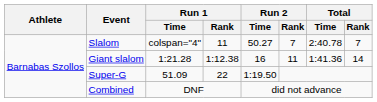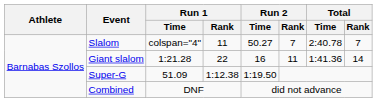 <table class="wikitable" style="font-size:90%">
 <tr>
 <th rowspan=2>Athlete</th>
 <th rowspan=2>Event</th>
 <th colspan=2>Run 1</th>
 <th colspan=2>Run 2</th>
 <th colspan=2>Total</th>
 </tr>
 <tr style="font-size:95%">
 <th>Time</th>
 <th>Rank</th>
 <th>Time</th>
 <th>Rank</th>
 <th>Time</th>
 <th>Rank</th>
 </tr>
 <tr align=center>
 <td align="left" rowspan="4"><a href='#'>Barnabas Szollos</a></td>
 <td align="left"><a href='#'>Slalom</a></td>
 <td>colspan="4" </td>
 <td>11</td>
 <td>50.27</td>
 <td>7</td>
 <td>2:40.78</td>
 <td>7</td>
 </tr>
 <tr align=center>
 <td align="left"><a href='#'>Giant slalom</a></td>
 <td>1:21.28</td>
-<td>1:12.38</td>
+<td>22</td>
 <td>16</td>
 <td>11</td>
 <td>1:41.36</td>
 <td>14</td>
 </tr>
 <tr align=center>
 <td align="left"><a href='#'>Super-G</a></td>
 <td>51.09</td>
-<td>22</td>
+<td>1:12.38</td>
 <td>1:19.50</td>
 </tr>
 <tr align=center>
 <td align="left"><a href='#'>Combined</a></td>
 <td colspan=2>DNF</td>
 <td colspan=4>did not advance</td>
 </tr>
 </table>
